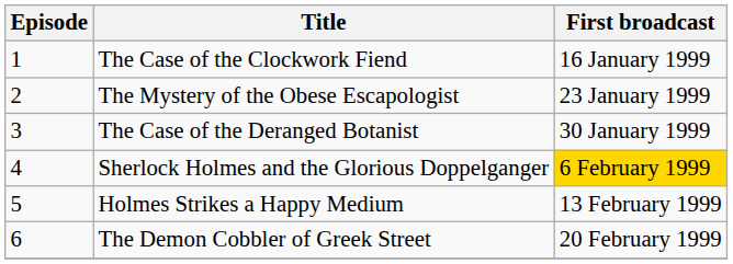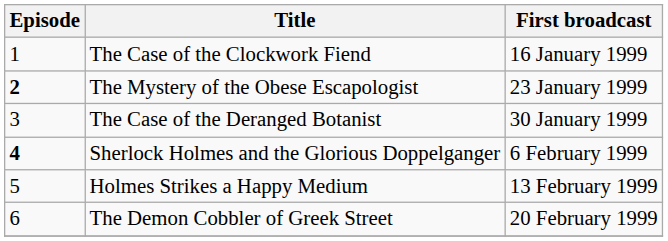 <table class="wikitable">
 <tr>
 <th>Episode</th>
 <th>Title</th>
 <th>First broadcast</th>
 </tr>
 <tr>
 <td>1</td>
 <td>The Case of the Clockwork Fiend</td>
 <td>16 January 1999</td>
 </tr>
 <tr>
-<td>2</td>
+<td><strong>2</strong></td>
 <td>The Mystery of the Obese Escapologist</td>
 <td>23 January 1999</td>
 </tr>
 <tr>
 <td>3</td>
 <td>The Case of the Deranged Botanist</td>
 <td>30 January 1999</td>
 </tr>
 <tr>
-<td>4</td>
+<td><strong>4</strong></td>
 <td>Sherlock Holmes and the Glorious Doppelganger</td>
-<td style="background: gold;">6 February 1999</td>
+<td>6 February 1999</td>
 </tr>
 <tr>
 <td>5</td>
 <td>Holmes Strikes a Happy Medium</td>
 <td>13 February 1999</td>
 </tr>
 <tr>
 <td>6</td>
 <td>The Demon Cobbler of Greek Street</td>
 <td>20 February 1999</td>
 </tr>
 <tr>
 </tr>
 </table>
